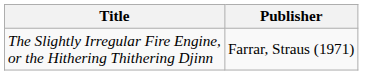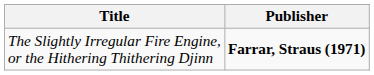 <table class="wikitable">
 <tr>
 <th>Title</th>
 <th>Publisher</th>
 </tr>
 <tr>
 <td><em>The Slightly Irregular Fire Engine,<br>or the Hithering Thithering Djinn</em></td>
-<td>Farrar, Straus (1971)</td>
+<td><strong>Farrar, Straus (1971)</strong></td>
 </tr>
 </table>
